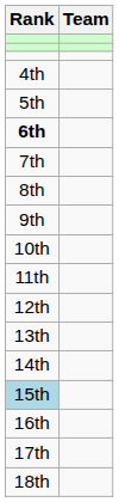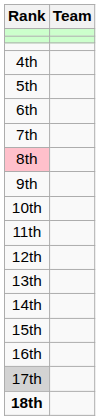 <table class=wikitable style="text-align:center;">
 <tr>
 <th>Rank</th>
 <th>Team</th>
 </tr>
 <tr bgcolor=#ccffcc>
 <td></td>
 <td align=left></td>
 </tr>
 <tr bgcolor=#ccffcc>
 <td></td>
 <td align=left></td>
 </tr>
 <tr>
 <td></td>
 <td align=left></td>
 </tr>
 <tr>
 <td>4th</td>
 <td align=left></td>
 </tr>
 <tr>
 <td>5th</td>
 <td align=left></td>
 </tr>
 <tr>
-<td><strong>6th</strong></td>
+<td>6th</td>
 <td align=left></td>
 </tr>
 <tr>
 <td>7th</td>
 <td align=left></td>
 </tr>
 <tr>
-<td>8th</td>
+<td style="background: pink;">8th</td>
 <td align=left></td>
 </tr>
 <tr>
 <td>9th</td>
 <td align=left></td>
 </tr>
 <tr>
 <td>10th</td>
 <td align=left></td>
 </tr>
 <tr>
 <td>11th</td>
 <td align=left></td>
 </tr>
 <tr>
 <td>12th</td>
 <td align=left></td>
 </tr>
 <tr>
 <td>13th</td>
 <td align=left></td>
 </tr>
 <tr>
 <td>14th</td>
 <td align=left></td>
 </tr>
 <tr>
-<td style="background: lightblue;">15th</td>
+<td>15th</td>
 <td align=left></td>
 </tr>
 <tr>
 <td>16th</td>
 <td align=left></td>
 </tr>
 <tr>
-<td>17th</td>
+<td style="background: lightgrey;">17th</td>
 <td align=left></td>
 </tr>
 <tr>
-<td>18th</td>
+<td><strong>18th</strong></td>
 <td align=left></td>
 </tr>
 </table>
